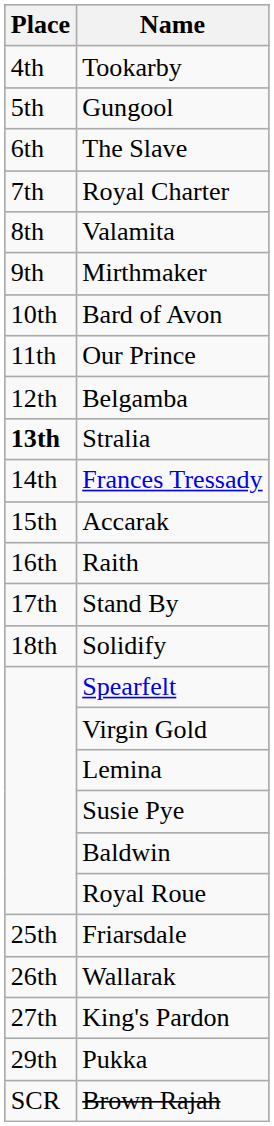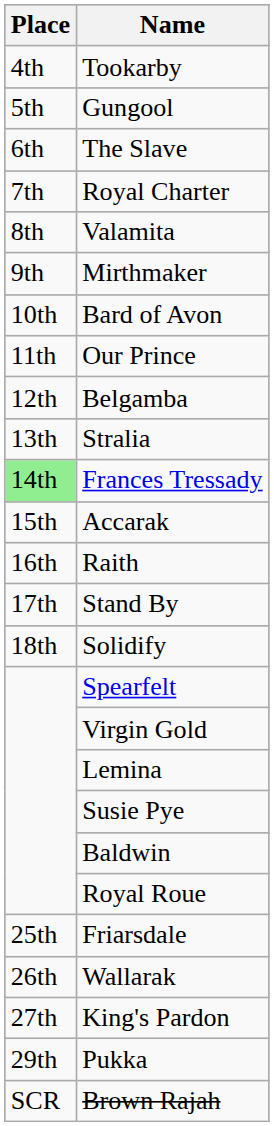 <table class="wikitable">
 <tr>
 <th>Place</th>
 <th>Name</th>
 </tr>
 <tr>
 <td>4th</td>
 <td>Tookarby</td>
 </tr>
 <tr>
 <td>5th</td>
 <td>Gungool</td>
 </tr>
 <tr>
 <td>6th</td>
 <td>The Slave</td>
 </tr>
 <tr>
 <td>7th</td>
 <td>Royal Charter</td>
 </tr>
 <tr>
 <td>8th</td>
 <td>Valamita</td>
 </tr>
 <tr>
 <td>9th</td>
 <td>Mirthmaker</td>
 </tr>
 <tr>
 <td>10th</td>
 <td>Bard of Avon</td>
 </tr>
 <tr>
 <td>11th</td>
 <td>Our Prince</td>
 </tr>
 <tr>
 <td>12th</td>
 <td>Belgamba</td>
 </tr>
 <tr>
-<td><strong>13th</strong></td>
+<td>13th</td>
 <td>Stralia</td>
 </tr>
 <tr>
-<td>14th</td>
+<td style="background: lightgreen;">14th</td>
 <td><a href='#'>Frances Tressady</a></td>
 </tr>
 <tr>
 <td>15th</td>
 <td>Accarak</td>
 </tr>
 <tr>
 <td>16th</td>
 <td>Raith</td>
 </tr>
 <tr>
 <td>17th</td>
 <td>Stand By</td>
 </tr>
 <tr>
 <td>18th</td>
 <td>Solidify</td>
 </tr>
 <tr>
 <td rowspan="6"></td>
 <td><a href='#'>Spearfelt</a></td>
 </tr>
 <tr>
 <td>Virgin Gold</td>
 </tr>
 <tr>
 <td>Lemina</td>
 </tr>
 <tr>
 <td>Susie Pye</td>
 </tr>
 <tr>
 <td>Baldwin</td>
 </tr>
 <tr>
 <td>Royal Roue</td>
 </tr>
 <tr>
 <td>25th</td>
 <td>Friarsdale</td>
 </tr>
 <tr>
 <td>26th</td>
 <td>Wallarak</td>
 </tr>
 <tr>
 <td>27th</td>
 <td>King's Pardon</td>
 </tr>
 <tr>
 <td>29th</td>
 <td>Pukka</td>
 </tr>
 <tr>
 <td>SCR</td>
 <td><s>Brown Rajah</s></td>
 </tr>
 </table>
